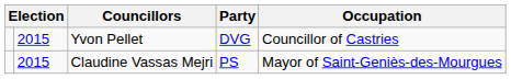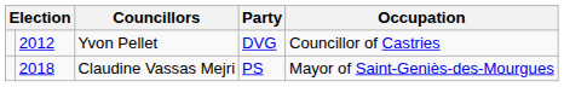 <table class="wikitable">
 <tr>
 <th colspan="2">Election</th>
 <th>Councillors</th>
 <th>Party</th>
 <th>Occupation</th>
 </tr>
 <tr>
 <td style="background-color: "></td>
-<td><a href='#'>2015</a></td>
+<td><a href='#'>2012</a></td>
 <td>Yvon Pellet</td>
 <td><a href='#'>DVG</a></td>
 <td>Councillor of <a href='#'>Castries</a></td>
 </tr>
 <tr>
 <td style="background-color: "></td>
-<td><a href='#'>2015</a></td>
+<td><a href='#'>2018</a></td>
 <td>Claudine Vassas Mejri</td>
 <td><a href='#'>PS</a></td>
 <td>Mayor of <a href='#'>Saint-Geniès-des-Mourgues</a></td>
 </tr>
 </table>
